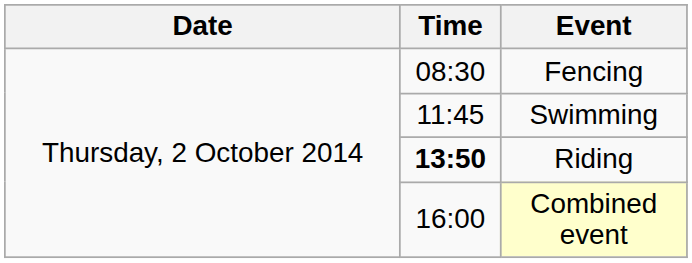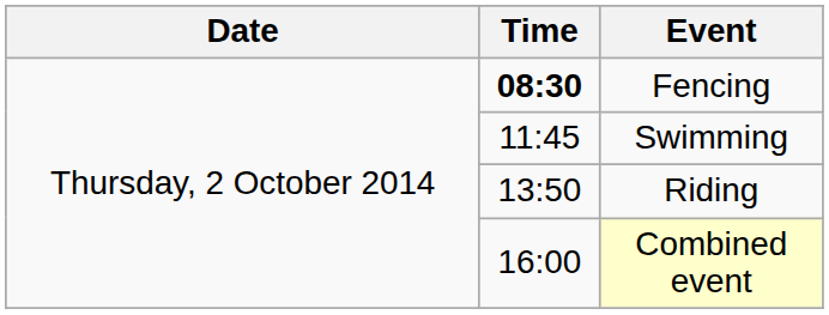 <table class = "wikitable" style="text-align:center;">
 <tr>
 <th width=220>Date</th>
 <th width=50>Time</th>
 <th width=100>Event</th>
 </tr>
 <tr>
 <td rowspan=4>Thursday, 2 October 2014</td>
-<td>08:30</td>
+<td><strong>08:30</strong></td>
 <td>Fencing</td>
 </tr>
 <tr>
 <td>11:45</td>
 <td>Swimming</td>
 </tr>
 <tr>
-<td><strong>13:50</strong></td>
+<td>13:50</td>
 <td>Riding</td>
 </tr>
 <tr>
 <td>16:00</td>
 <td bgcolor=ffffcc>Combined event</td>
 </tr>
 </table>
